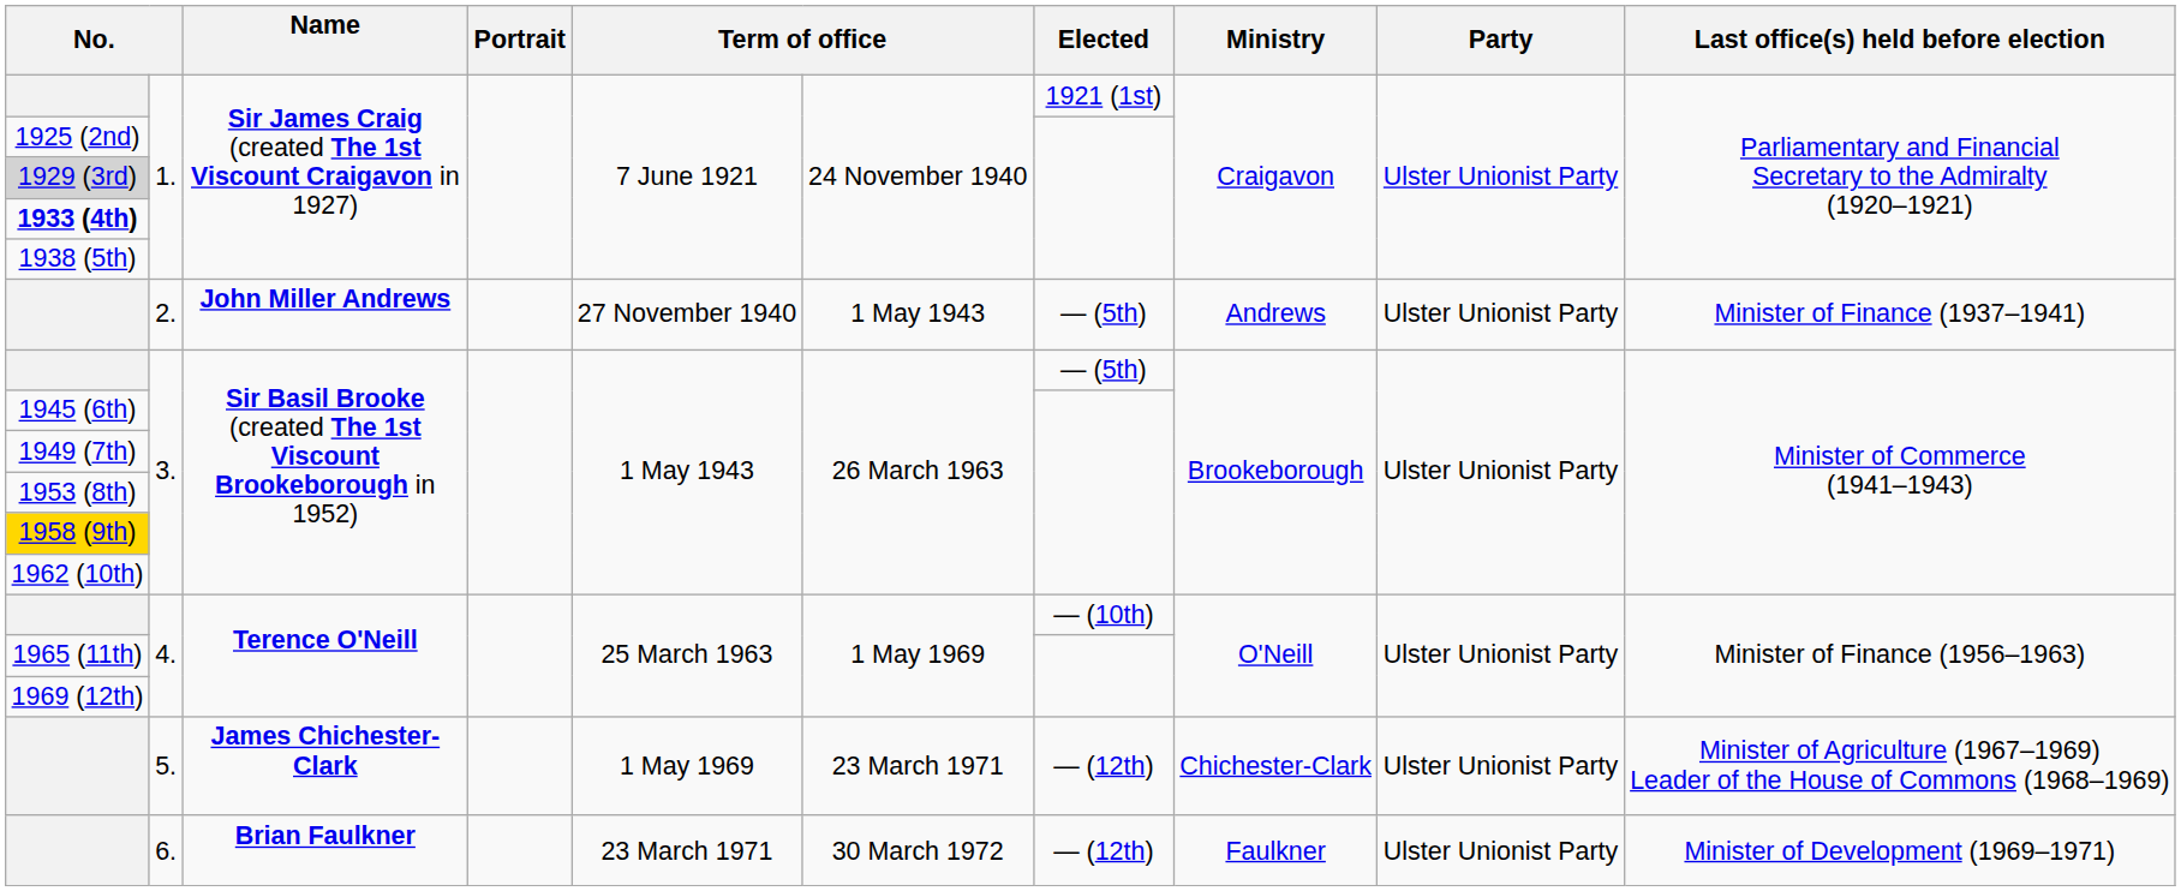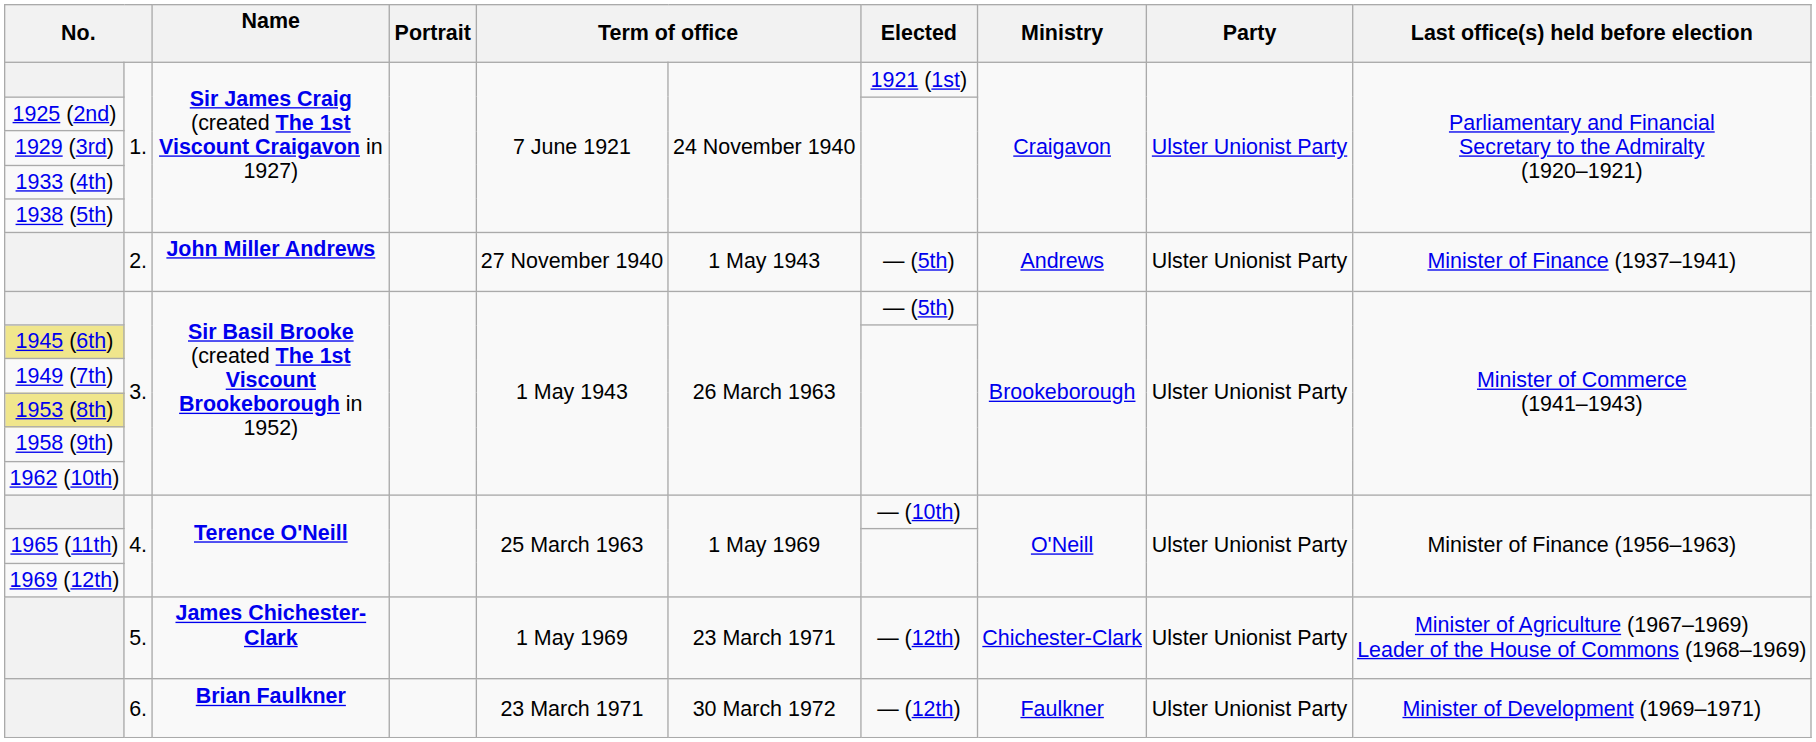 <table class="wikitable" style="text-align:center">
 <tr>
 <th colspan=2>No.</th>
 <th width=170>Name<br><br></th>
 <th>Portrait</th>
 <th colspan=2>Term of office</th>
 <th width=80>Elected<br></th>
 <th>Ministry</th>
 <th>Party</th>
 <th>Last office(s) held before election</th>
 </tr>
 <tr>
 <th style="background:"></th>
 <td rowspan=5>1.</td>
 <td rowspan=5><strong><a href='#'>Sir James Craig</a></strong> (created <strong><a href='#'>The 1st Viscount Craigavon</a></strong> in 1927)<br><br></td>
 <td rowspan=5></td>
 <td rowspan=5>7 June 1921</td>
 <td rowspan=5>24 November 1940</td>
 <td><a href='#'>1921</a> (<a href='#'>1st</a>)</td>
 <td rowspan=5><a href='#'>Craigavon</a></td>
 <td rowspan=5><a href='#'>Ulster Unionist Party</a></td>
 <td rowspan=5><a href='#'>Parliamentary and Financial<br>Secretary to the Admiralty</a><br>(1920–1921)</td>
 </tr>
 <tr>
 <td><a href='#'>1925</a> (<a href='#'>2nd</a>)</td>
 </tr>
 <tr>
-<td style="background: lightgrey;"><a href='#'>1929</a> (<a href='#'>3rd</a>)</td>
+<td><a href='#'>1929</a> (<a href='#'>3rd</a>)</td>
 </tr>
 <tr>
-<td><strong><a href='#'>1933</a> (<a href='#'>4th</a>)</strong></td>
+<td><a href='#'>1933</a> (<a href='#'>4th</a>)</td>
 </tr>
 <tr>
 <td><a href='#'>1938</a> (<a href='#'>5th</a>)</td>
 </tr>
 <tr>
 <th style="background:"></th>
 <td>2.</td>
 <td><strong><a href='#'>John Miller Andrews</a></strong><br><br></td>
 <td></td>
 <td>27 November 1940</td>
 <td>1 May 1943</td>
 <td>— (<a href='#'>5th</a>)</td>
 <td><a href='#'>Andrews</a></td>
 <td>Ulster Unionist Party</td>
 <td><a href='#'>Minister of Finance</a> (1937–1941)</td>
 </tr>
 <tr>
 <th style="background:"></th>
 <td rowspan=6>3.</td>
 <td rowspan=6><strong><a href='#'>Sir Basil Brooke</a></strong> (created <strong><a href='#'>The 1st Viscount Brookeborough</a></strong> in 1952)<br><br></td>
 <td rowspan=6></td>
 <td rowspan=6>1 May 1943</td>
 <td rowspan=6>26 March 1963</td>
 <td>— (<a href='#'>5th</a>)</td>
 <td rowspan=6><a href='#'>Brookeborough</a></td>
 <td rowspan=6>Ulster Unionist Party</td>
 <td rowspan=6><a href='#'>Minister of Commerce</a><br>(1941–1943)</td>
 </tr>
 <tr>
-<td><a href='#'>1945</a> (<a href='#'>6th</a>)</td>
+<td style="background: khaki;"><a href='#'>1945</a> (<a href='#'>6th</a>)</td>
 </tr>
 <tr>
 <td><a href='#'>1949</a> (<a href='#'>7th</a>)</td>
 </tr>
 <tr>
-<td><a href='#'>1953</a> (<a href='#'>8th</a>)</td>
+<td style="background: khaki;"><a href='#'>1953</a> (<a href='#'>8th</a>)</td>
 </tr>
 <tr>
-<td style="background: gold;"><a href='#'>1958</a> (<a href='#'>9th</a>)</td>
+<td><a href='#'>1958</a> (<a href='#'>9th</a>)</td>
 </tr>
 <tr>
 <td><a href='#'>1962</a> (<a href='#'>10th</a>)</td>
 </tr>
 <tr>
 <th style="background:"></th>
 <td rowspan=3>4.</td>
 <td rowspan=3><strong><a href='#'>Terence O'Neill</a></strong><br><br></td>
 <td rowspan=3></td>
 <td rowspan=3>25 March 1963</td>
 <td rowspan=3>1 May 1969</td>
 <td>— (<a href='#'>10th</a>)</td>
 <td rowspan=3><a href='#'>O'Neill</a></td>
 <td rowspan=3>Ulster Unionist Party</td>
 <td rowspan=3>Minister of Finance (1956–1963)</td>
 </tr>
 <tr>
 <td><a href='#'>1965</a> (<a href='#'>11th</a>)</td>
 </tr>
 <tr>
 <td><a href='#'>1969</a> (<a href='#'>12th</a>)</td>
 </tr>
 <tr>
 <th style="background:"></th>
 <td>5.</td>
 <td><strong><a href='#'>James Chichester-Clark</a></strong><br><br></td>
 <td></td>
 <td>1 May 1969</td>
 <td>23 March 1971</td>
 <td>— (<a href='#'>12th</a>)</td>
 <td><a href='#'>Chichester-Clark</a></td>
 <td>Ulster Unionist Party</td>
 <td><a href='#'>Minister of Agriculture</a> (1967–1969)<br><a href='#'>Leader of the House of Commons</a> (1968–1969)</td>
 </tr>
 <tr>
 <th style="background:"></th>
 <td>6.</td>
 <td><strong><a href='#'>Brian Faulkner</a></strong><br><br></td>
 <td></td>
 <td>23 March 1971</td>
 <td>30 March 1972</td>
 <td>— (<a href='#'>12th</a>)</td>
 <td><a href='#'>Faulkner</a></td>
 <td>Ulster Unionist Party</td>
 <td><a href='#'>Minister of Development</a> (1969–1971)</td>
 </tr>
 </table>
